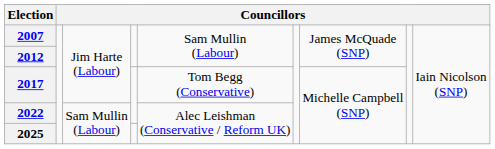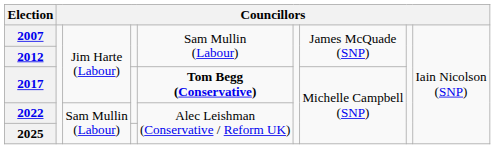 <table class="wikitable" style="text-align:center">
 <tr>
 <th>Election</th>
 <th colspan=8>Councillors</th>
 </tr>
 <tr>
 <th><a href='#'>2007</a></th>
 <td rowspan=5 style="color:inherit;background-color: "></td>
 <td rowspan=3>Jim Harte<br>(<a href='#'>Labour</a>)</td>
 <td rowspan=2 style="color:inherit;background-color: "></td>
 <td rowspan=2>Sam Mullin<br>(<a href='#'>Labour</a>)</td>
 <td rowspan=5 style="color:inherit;background-color: "></td>
 <td rowspan=2>James McQuade<br>(<a href='#'>SNP</a>)</td>
 <td rowspan=5 style="color:inherit;background-color: "></td>
 <td rowspan=5>Iain Nicolson<br>(<a href='#'>SNP</a>)</td>
 </tr>
 <tr>
 <th><a href='#'>2012</a></th>
 </tr>
 <tr>
 <th><a href='#'>2017</a></th>
 <td rowspan=2 style="color:inherit;background-color: "></td>
-<td rowspan=1>Tom Begg<br>(<a href='#'>Conservative</a>)</td>
+<td rowspan=1><strong>Tom Begg<br>(<a href='#'>Conservative</a>)</strong></td>
 <td rowspan=3>Michelle Campbell<br>(<a href='#'>SNP</a>)</td>
 </tr>
 <tr>
 <th><a href='#'>2022</a></th>
 <td rowspan=2>Sam Mullin<br>(<a href='#'>Labour</a>)</td>
 <td rowspan=2>Alec Leishman<br>(<a href='#'>Conservative</a> / <a href='#'>Reform UK</a>)</td>
 </tr>
 <tr>
 <th>2025</th>
 <td rowspan=1 style="color:inherit;background-color: "></td>
 </tr>
 </table>
